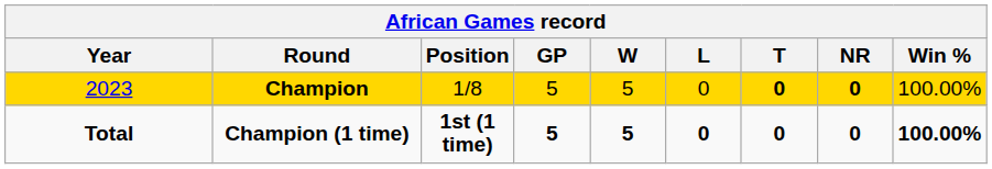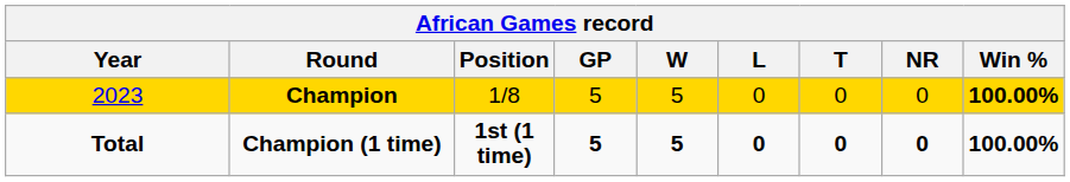 <table class="wikitable" style="text-align:center;width=900px">
 <tr>
 <th colspan=10><a href='#'>African Games</a> record</th>
 </tr>
 <tr>
 <th width=150>Year</th>
 <th width=150>Round</th>
 <th width=50>Position</th>
 <th width=50>GP</th>
 <th width=50>W</th>
 <th width=50>L</th>
 <th width=50>T</th>
 <th width=50>NR</th>
 <th width=50>Win %</th>
 </tr>
 <tr style="background:gold;">
 <td> <a href='#'>2023</a></td>
 <td><strong>Champion</strong></td>
 <td>1/8</td>
 <td>5</td>
 <td>5</td>
 <td>0</td>
-<td><strong>0</strong></td>
-<td><strong>0</strong></td>
-<td>100.00%</td>
+<td>0</td>
+<td>0</td>
+<td><strong>100.00%</strong></td>
 </tr>
 <tr>
 <td><strong>Total</strong></td>
 <td><strong>Champion (1 time)</strong></td>
 <td><strong>1st (1 time)</strong></td>
 <td><strong>5</strong></td>
 <td><strong>5</strong></td>
 <td><strong>0</strong></td>
 <td><strong>0</strong></td>
 <td><strong>0</strong></td>
 <td><strong>100.00%</strong></td>
 </tr>
 </table>
